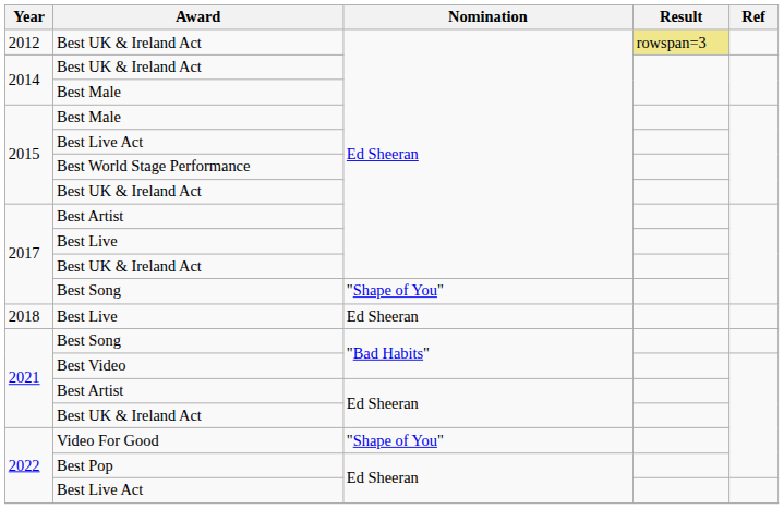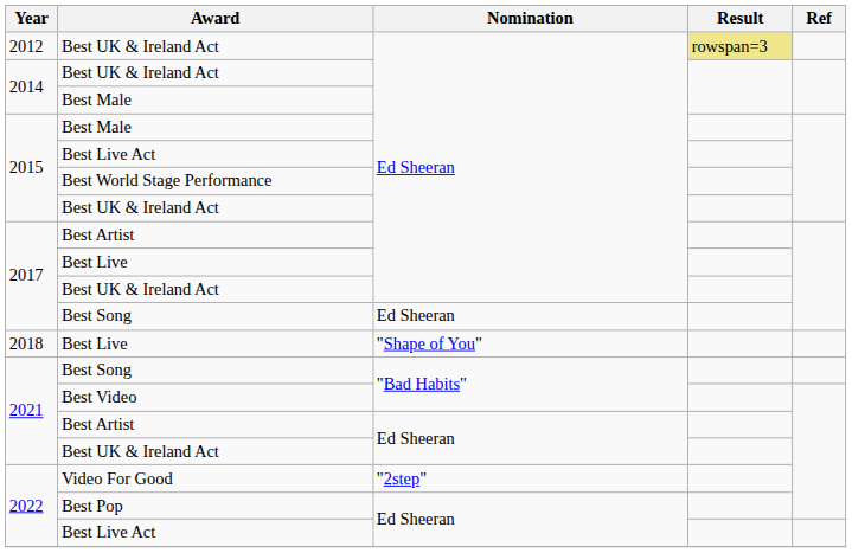 <table class="wikitable" style="max-width:75%;">
 <tr>
 <th width=5%>Year</th>
 <th style="width:30%;">Award</th>
 <th style="width:30%;">Nomination</th>
 <th style="width:10%;">Result</th>
 <th style="width:5%;">Ref</th>
 </tr>
 <tr>
 <td>2012</td>
 <td>Best UK & Ireland Act</td>
 <td rowspan="10"><a href='#'>Ed Sheeran</a></td>
 <td style="background: khaki;">rowspan=3 </td>
 <td></td>
 </tr>
 <tr>
 <td rowspan="2">2014</td>
 <td>Best UK & Ireland Act</td>
 <td rowspan=2></td>
 </tr>
 <tr>
 <td>Best Male</td>
 </tr>
 <tr>
 <td rowspan="4">2015</td>
 <td>Best Male</td>
 <td></td>
 <td rowspan=4></td>
 </tr>
 <tr>
 <td>Best Live Act</td>
 <td></td>
 </tr>
 <tr>
 <td>Best World Stage Performance</td>
 <td></td>
 </tr>
 <tr>
 <td>Best UK & Ireland Act</td>
 <td></td>
 </tr>
 <tr>
 <td rowspan="4">2017</td>
 <td>Best Artist</td>
 <td></td>
 <td rowspan="4"></td>
 </tr>
 <tr>
 <td>Best Live</td>
 <td></td>
 </tr>
 <tr>
 <td>Best UK & Ireland Act</td>
 <td></td>
 </tr>
 <tr>
 <td>Best Song</td>
-<td>"<a href='#'>Shape of You</a>"</td>
+<td>Ed Sheeran</td>
 <td></td>
 </tr>
 <tr>
 <td>2018</td>
 <td>Best Live</td>
-<td>Ed Sheeran</td>
+<td>"<a href='#'>Shape of You</a>"</td>
 <td></td>
 <td></td>
 </tr>
 <tr>
 <td rowspan="4"><a href='#'>2021</a></td>
 <td>Best Song</td>
 <td rowspan="2">"<a href='#'>Bad Habits</a>"</td>
 <td></td>
 <td></td>
 </tr>
 <tr>
 <td>Best Video</td>
 <td></td>
 </tr>
 <tr>
 <td>Best Artist</td>
 <td rowspan="2">Ed Sheeran</td>
 <td></td>
 </tr>
 <tr>
 <td>Best UK & Ireland Act</td>
 <td></td>
 </tr>
 <tr>
 <td rowspan="3"><a href='#'>2022</a></td>
 <td>Video For Good</td>
-<td>"<a href='#'>Shape of You</a>"</td>
+<td rowspan="1">"<a href='#'>2step</a>"</td>
 <td></td>
 </tr>
 <tr>
 <td>Best Pop</td>
 <td rowspan="2">Ed Sheeran</td>
 <td></td>
 </tr>
 <tr>
 <td>Best Live Act</td>
 <td></td>
 <td></td>
 </tr>
 <tr>
 </tr>
 </table>
